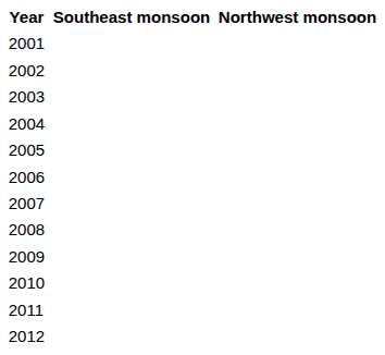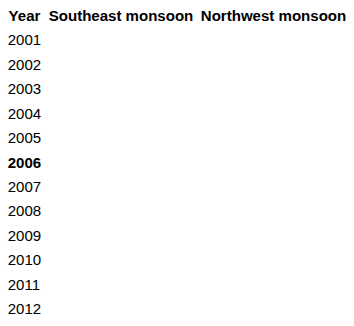 <table border="0" cellpadding="4" cellspacing="18" style="margin: 1em 1em 1em 0; background: #ffffff; border: 0px #aaa solid; border-collapse: collapse; font-size: 100%;">
 <tr>
 <th>Year</th>
 <th>Southeast monsoon</th>
 <th>Northwest monsoon</th>
 </tr>
 <tr>
 <td>2001</td>
 <td></td>
 <td></td>
 </tr>
 <tr>
 <td>2002</td>
 <td></td>
 <td></td>
 </tr>
 <tr>
 <td>2003</td>
 <td></td>
 <td></td>
 </tr>
 <tr>
 <td>2004</td>
 <td></td>
 <td></td>
 </tr>
 <tr>
 <td>2005</td>
 <td></td>
 <td></td>
 </tr>
 <tr>
-<td>2006</td>
+<td><strong>2006</strong></td>
 <td></td>
 <td></td>
 </tr>
 <tr>
 <td>2007</td>
 <td></td>
 <td></td>
 </tr>
 <tr>
 <td>2008</td>
 <td></td>
 <td></td>
 </tr>
 <tr>
 <td>2009</td>
 <td></td>
 <td></td>
 </tr>
 <tr>
 <td>2010</td>
 <td></td>
 <td></td>
 </tr>
 <tr>
 <td>2011</td>
 <td></td>
 <td></td>
 </tr>
 <tr>
 <td>2012</td>
 <td></td>
 <td></td>
 </tr>
 <tr>
 </tr>
 </table>
